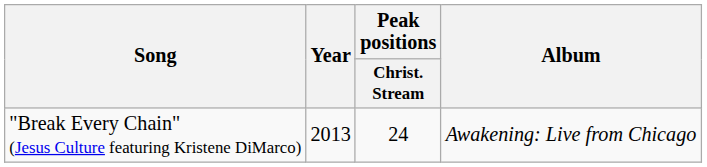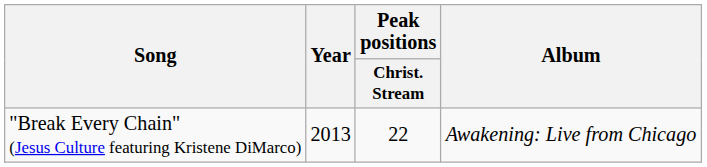 <table class="wikitable" style="text-align:center;">
 <tr>
 <th rowspan="2">Song</th>
 <th rowspan="2">Year</th>
 <th colspan="1">Peak<br>positions</th>
 <th rowspan="2">Album</th>
 </tr>
 <tr style="font-size:smaller;">
 <th width="45">Christ. Stream<br></th>
 </tr>
 <tr>
 <td align="left">"Break Every Chain" <small><br> (<a href='#'>Jesus Culture</a> featuring Kristene DiMarco)</small></td>
 <td>2013</td>
-<td>24</td>
+<td>22</td>
 <td><em>Awakening: Live from Chicago</em></td>
 </tr>
 </table>
